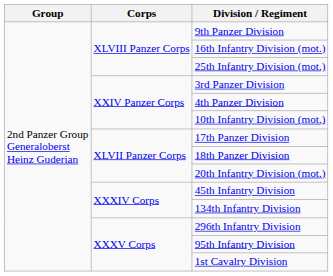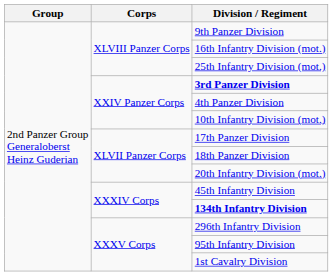 <table class="wikitable" style=text-align: center;>
 <tr>
 <th>Group</th>
 <th>Corps</th>
 <th>Division / Regiment</th>
 </tr>
 <tr>
 <td ROWSPAN=14>2nd Panzer Group<br><a href='#'>Generaloberst</a><br><a href='#'>Heinz Guderian</a></td>
 <td ROWSPAN=3><a href='#'>XLVIII Panzer Corps</a></td>
 <td><a href='#'>9th Panzer Division</a></td>
 </tr>
 <tr>
 <td><a href='#'>16th Infantry Division (mot.)</a></td>
 </tr>
 <tr>
 <td><a href='#'>25th Infantry Division (mot.)</a></td>
 </tr>
 <tr>
 <td ROWSPAN=3><a href='#'>XXIV Panzer Corps</a></td>
-<td><a href='#'>3rd Panzer Division</a></td>
+<td><strong><a href='#'>3rd Panzer Division</a></strong></td>
 </tr>
 <tr>
 <td><a href='#'>4th Panzer Division</a></td>
 </tr>
 <tr>
 <td><a href='#'>10th Infantry Division (mot.)</a></td>
 </tr>
 <tr>
 <td ROWSPAN=3><a href='#'>XLVII Panzer Corps</a></td>
 <td><a href='#'>17th Panzer Division</a></td>
 </tr>
 <tr>
 <td><a href='#'>18th Panzer Division</a></td>
 </tr>
 <tr>
 <td><a href='#'>20th Infantry Division (mot.)</a></td>
 </tr>
 <tr>
 <td ROWSPAN=2><a href='#'>XXXIV Corps</a></td>
 <td><a href='#'>45th Infantry Division</a></td>
 </tr>
 <tr>
-<td><a href='#'>134th Infantry Division</a></td>
+<td><strong><a href='#'>134th Infantry Division</a></strong></td>
 </tr>
 <tr>
 <td ROWSPAN=3><a href='#'>XXXV Corps</a></td>
 <td><a href='#'>296th Infantry Division</a></td>
 </tr>
 <tr>
 <td><a href='#'>95th Infantry Division</a></td>
 </tr>
 <tr>
 <td><a href='#'>1st Cavalry Division</a></td>
 </tr>
 </table>
